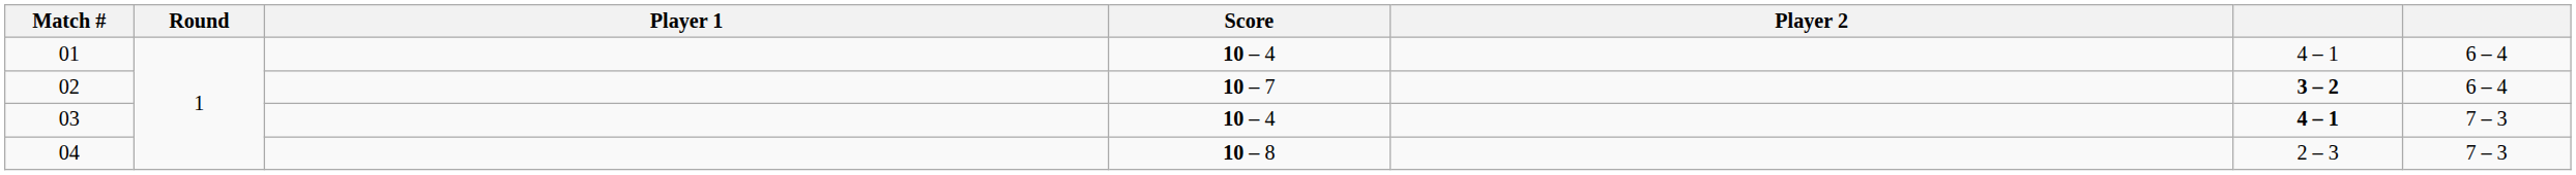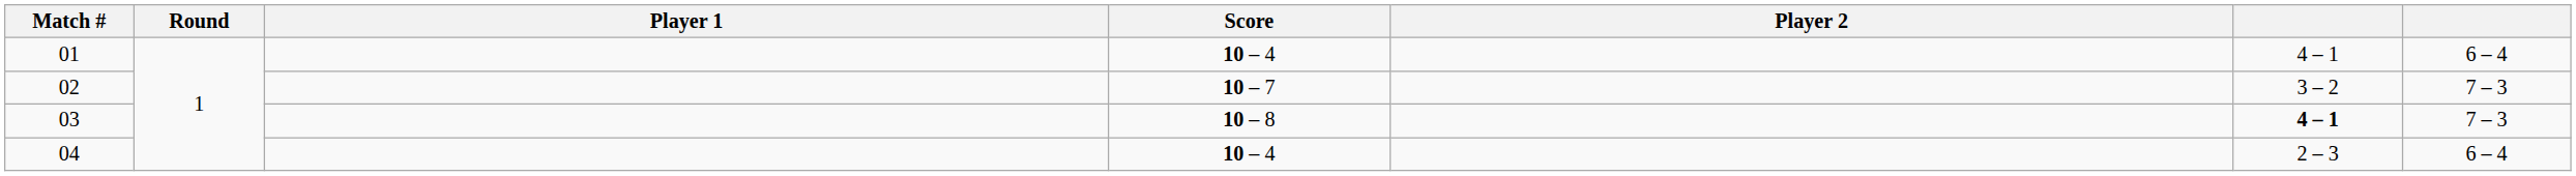 <table class="wikitable">
 <tr>
 <th width="2%">Match #</th>
 <th width="2%">Round</th>
 <th width="15%">Player 1</th>
 <th width="5%">Score</th>
 <th width="15%">Player 2</th>
 <th width="3%"></th>
 <th width="3%"></th>
 </tr>
 <tr style=text-align:center;"background:#;">
 <td>01</td>
 <td rowspan=4>1</td>
 <td></td>
 <td><strong>10</strong> – 4</td>
 <td></td>
 <td>4 – 1</td>
 <td>6 – 4</td>
 </tr>
 <tr style=text-align:center;"background:#;">
 <td>02</td>
 <td></td>
 <td><strong>10</strong> – 7</td>
 <td></td>
-<td><strong>3 – 2</strong></td>
-<td>6 – 4</td>
+<td>3 – 2</td>
+<td>7 – 3</td>
 </tr>
 <tr style=text-align:center;"background:#;">
 <td>03</td>
 <td></td>
-<td><strong>10</strong> – 4</td>
+<td><strong>10</strong> – 8</td>
 <td></td>
 <td><strong>4 – 1</strong></td>
 <td>7 – 3</td>
 </tr>
 <tr style=text-align:center;"background:#;">
 <td>04</td>
 <td></td>
-<td><strong>10</strong> – 8</td>
+<td><strong>10</strong> – 4</td>
 <td></td>
 <td>2 – 3</td>
-<td>7 – 3</td>
+<td>6 – 4</td>
 </tr>
 </table>
